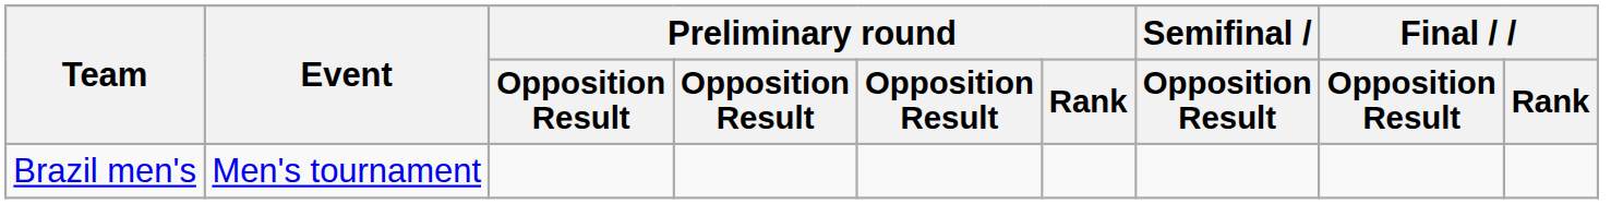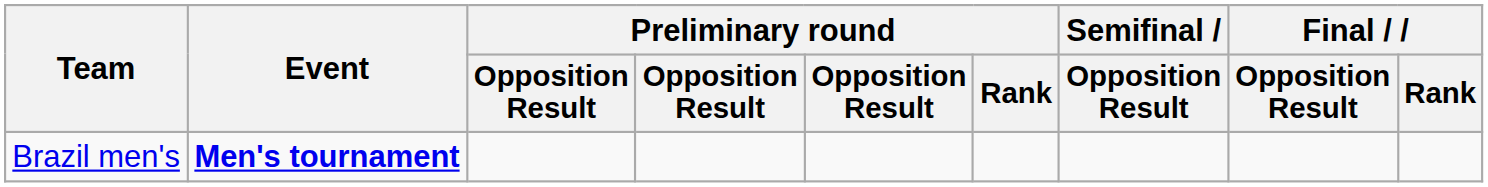 <table class=wikitable style=font-size:90%>
 <tr>
 <th rowspan=2>Team</th>
 <th rowspan=2>Event</th>
 <th colspan=4>Preliminary round</th>
 <th>Semifinal / </th>
 <th colspan=2>Final /  / </th>
 </tr>
 <tr style=font-size:95%>
 <th>Opposition<br>Result</th>
 <th>Opposition<br>Result</th>
 <th>Opposition<br>Result</th>
 <th>Rank</th>
 <th>Opposition<br>Result</th>
 <th>Opposition<br>Result</th>
 <th>Rank</th>
 </tr>
 <tr align=center>
 <td align=left><a href='#'>Brazil men's</a></td>
-<td align=left><a href='#'>Men's tournament</a></td>
+<td align=left><strong><a href='#'>Men's tournament</a></strong></td>
 <td></td>
 <td></td>
 <td></td>
 <td></td>
 <td></td>
 <td></td>
 <td></td>
 </tr>
 </table>
